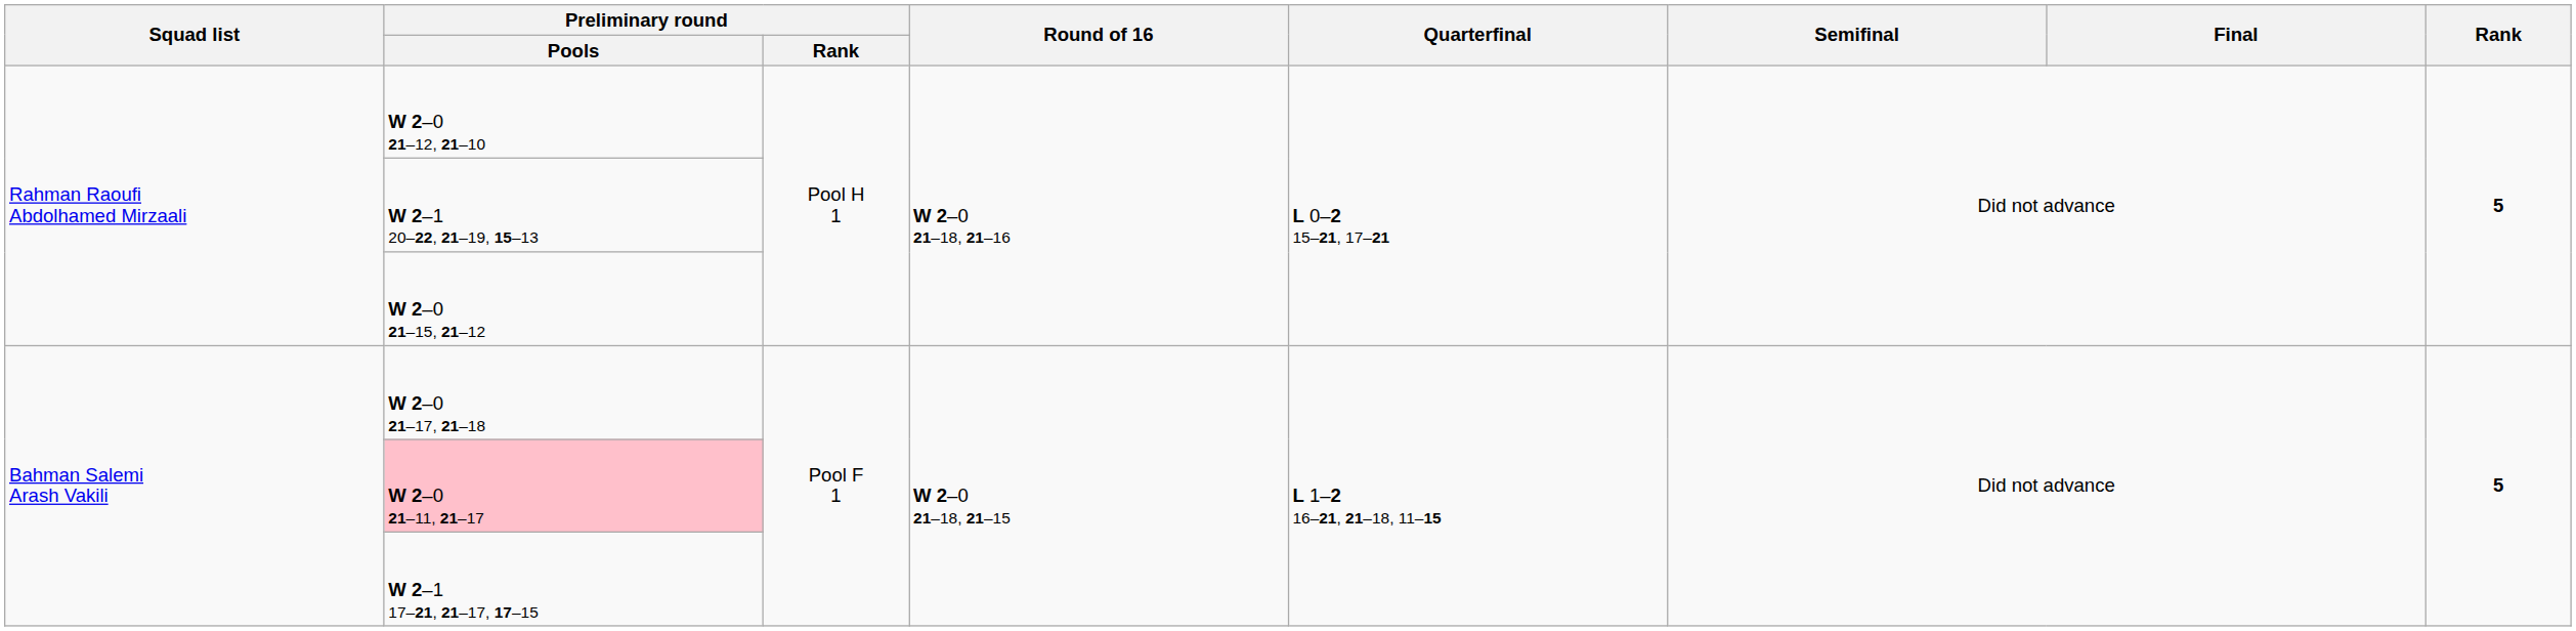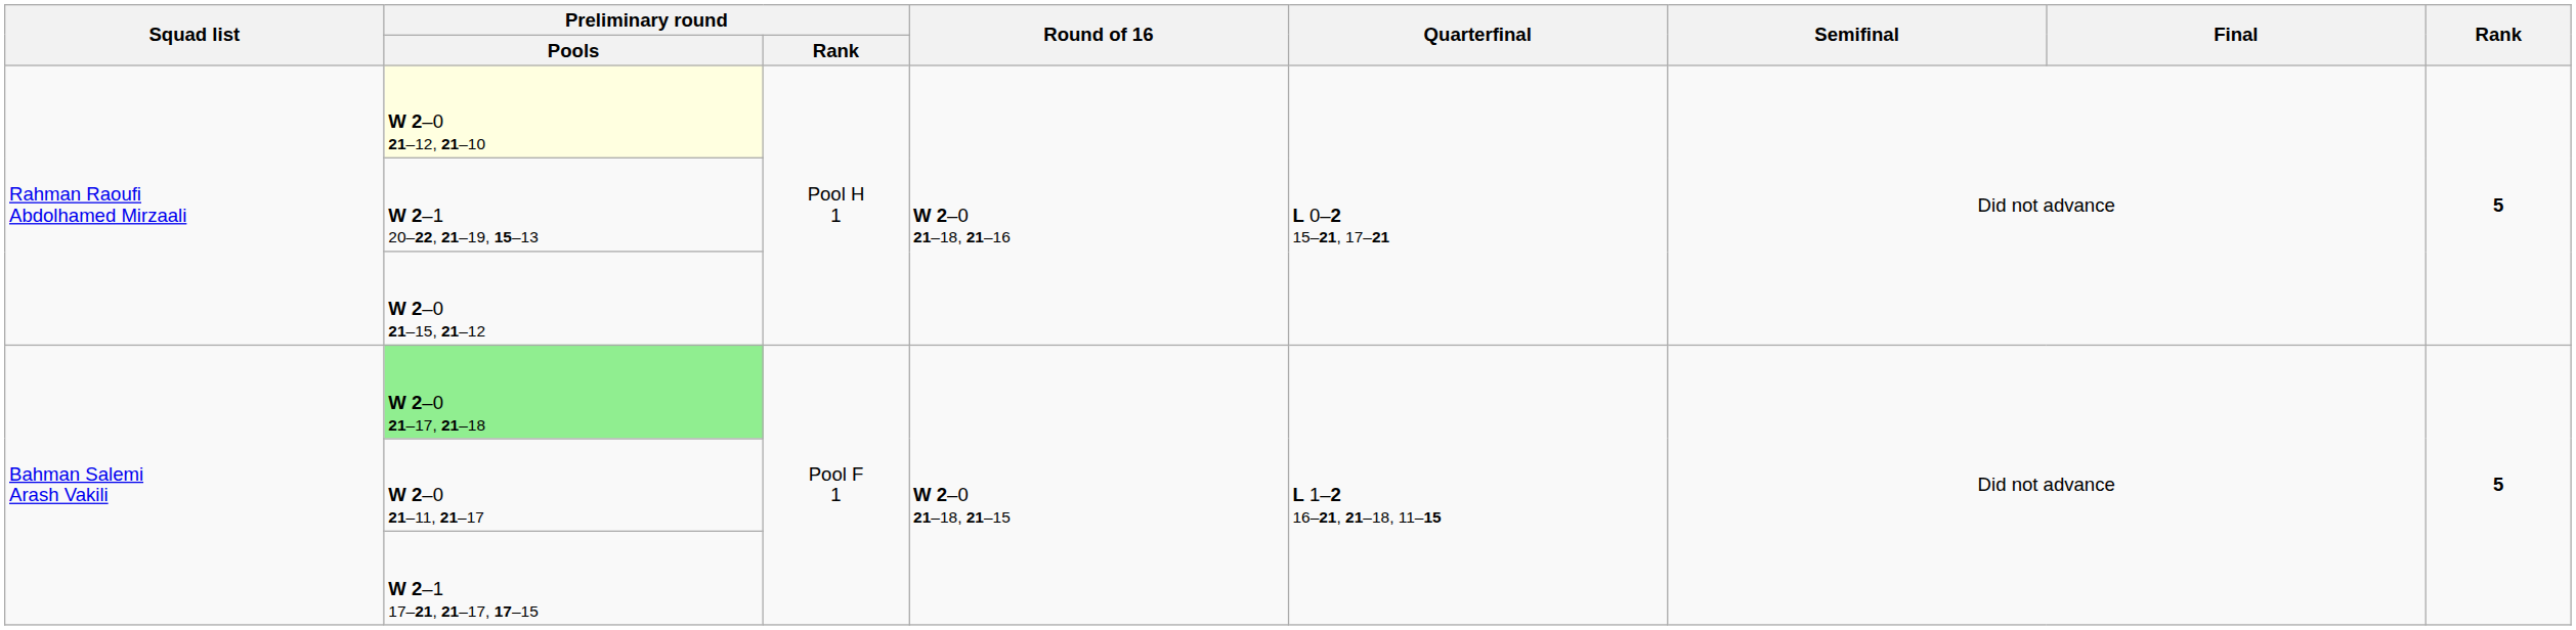 <table class="wikitable" width="98%" style="text-align:left; font-size:90%">
 <tr>
 <th rowspan="2" width="13%">Squad list</th>
 <th colspan="2">Preliminary round</th>
 <th rowspan="2" width="13%">Round of 16</th>
 <th rowspan="2" width="13%">Quarterfinal</th>
 <th rowspan="2" width="13%">Semifinal</th>
 <th rowspan="2" width="13%">Final</th>
 <th rowspan="2" width="5%">Rank</th>
 </tr>
 <tr>
 <th width="13%">Pools</th>
 <th width="5%">Rank</th>
 </tr>
 <tr>
 <td rowspan="3"><a href='#'>Rahman Raoufi</a><br><a href='#'>Abdolhamed Mirzaali</a></td>
-<td><br><br><strong>W</strong> <strong>2</strong>–0<br><small><strong>21</strong>–12, <strong>21</strong>–10</small></td>
+<td style="background: lightyellow;"><br><br><strong>W</strong> <strong>2</strong>–0<br><small><strong>21</strong>–12, <strong>21</strong>–10</small></td>
 <td rowspan="3" align=center>Pool H<br>1 <strong></strong></td>
 <td rowspan="3"><br><br><strong>W</strong> <strong>2</strong>–0<br><small><strong>21</strong>–18, <strong>21</strong>–16</small></td>
 <td rowspan="3"><br><br><strong>L</strong> 0–<strong>2</strong><br><small>15–<strong>21</strong>, 17–<strong>21</strong></small></td>
 <td rowspan="3" colspan=2 align=center>Did not advance</td>
 <td rowspan="3" align="center"><strong>5</strong></td>
 </tr>
 <tr>
 <td><br><br><strong>W</strong> <strong>2</strong>–1<br><small>20–<strong>22</strong>, <strong>21</strong>–19, <strong>15</strong>–13</small></td>
 </tr>
 <tr>
 <td><br><br><strong>W</strong> <strong>2</strong>–0<br><small><strong>21</strong>–15, <strong>21</strong>–12</small></td>
 </tr>
 <tr>
 <td rowspan="3"><a href='#'>Bahman Salemi</a><br><a href='#'>Arash Vakili</a></td>
-<td><br><br><strong>W</strong> <strong>2</strong>–0<br><small><strong>21</strong>–17, <strong>21</strong>–18</small></td>
+<td style="background: lightgreen;"><br><br><strong>W</strong> <strong>2</strong>–0<br><small><strong>21</strong>–17, <strong>21</strong>–18</small></td>
 <td rowspan="3" align=center>Pool F<br>1 <strong></strong></td>
 <td rowspan="3"><br><br><strong>W</strong> <strong>2</strong>–0<br><small><strong>21</strong>–18, <strong>21</strong>–15</small></td>
 <td rowspan="3"><br><br><strong>L</strong> 1–<strong>2</strong><br><small>16–<strong>21</strong>, <strong>21</strong>–18, 11–<strong>15</strong></small></td>
 <td rowspan="3" colspan=2 align=center>Did not advance</td>
 <td rowspan="3" align="center"><strong>5</strong></td>
 </tr>
 <tr>
-<td style="background: pink;"><br><br><strong>W</strong> <strong>2</strong>–0<br><small><strong>21</strong>–11, <strong>21</strong>–17</small></td>
+<td><br><br><strong>W</strong> <strong>2</strong>–0<br><small><strong>21</strong>–11, <strong>21</strong>–17</small></td>
 </tr>
 <tr>
 <td><br><br><strong>W</strong> <strong>2</strong>–1<br><small>17–<strong>21</strong>, <strong>21</strong>–17, <strong>17</strong>–15</small></td>
 </tr>
 </table>
